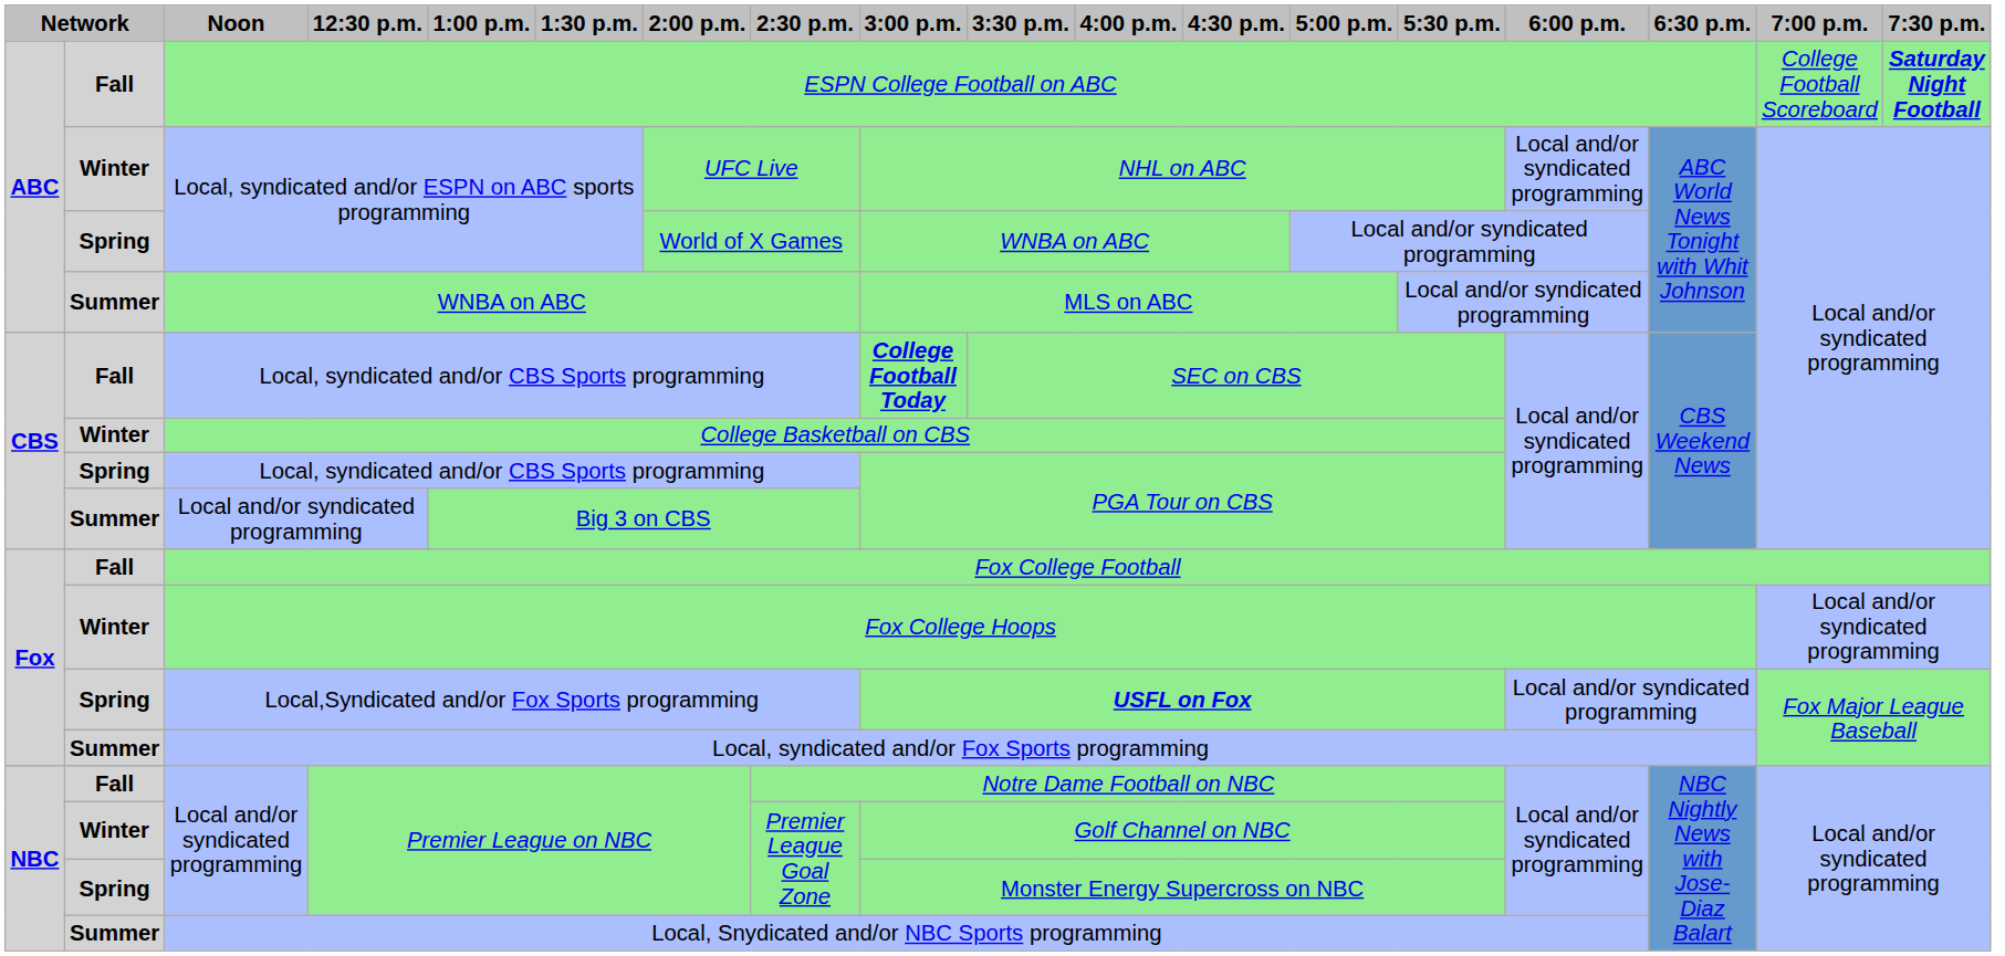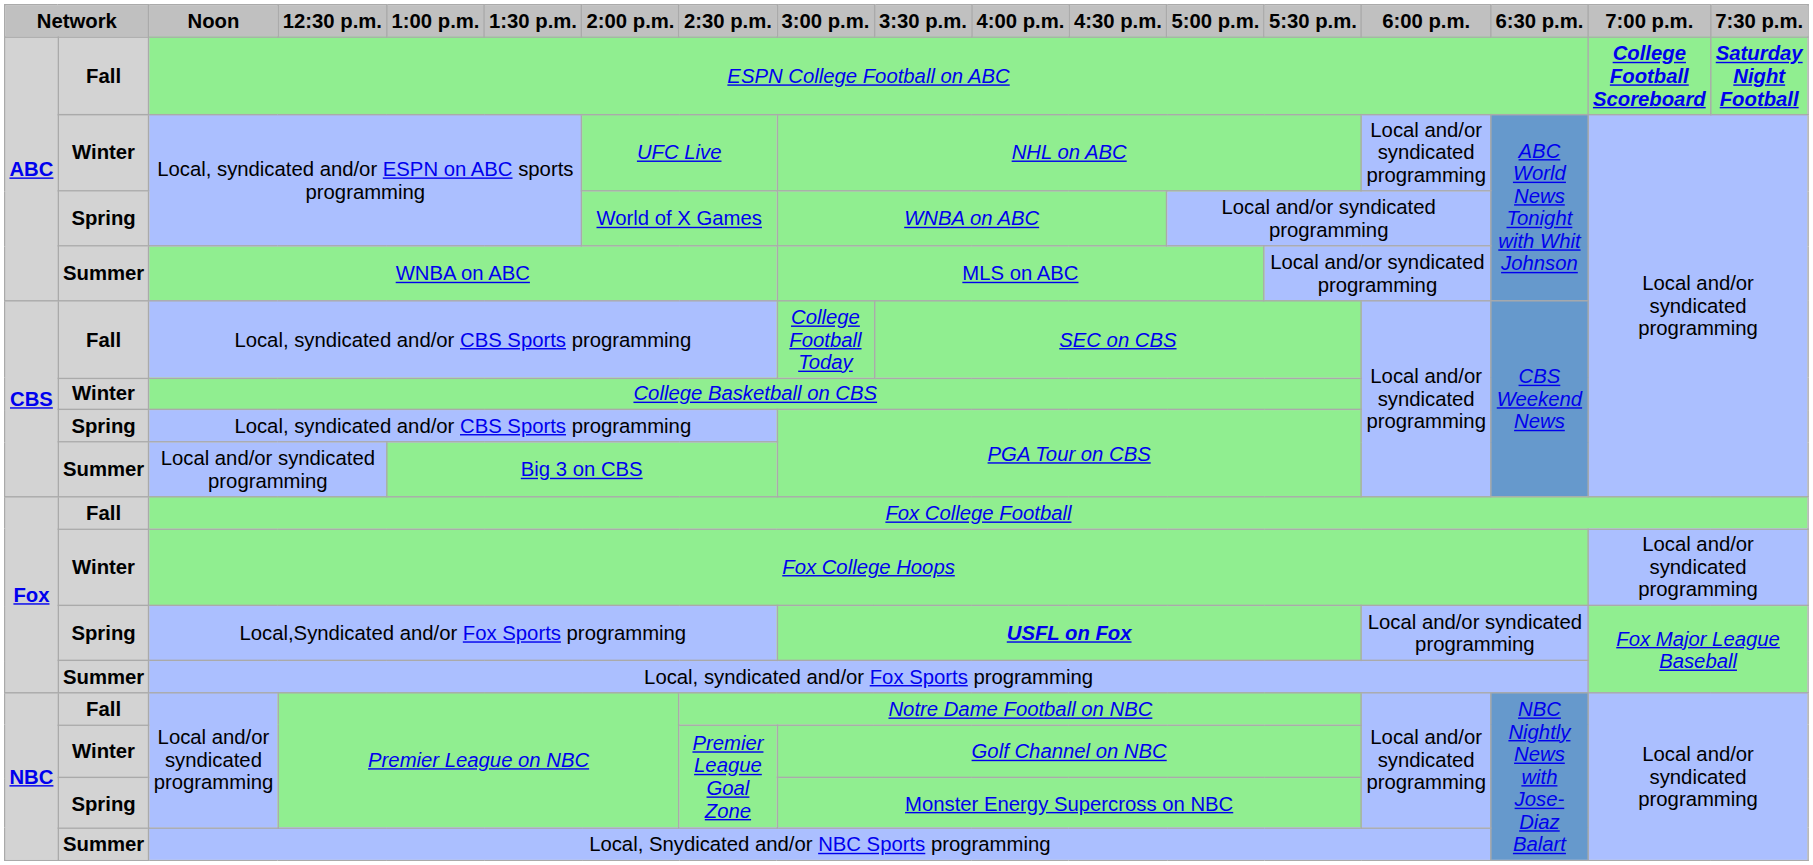 <table class="wikitable" style="width:100%;margin-right:0;font-size:90%;text-align:center">
 <tr>
 <th colspan="2" style="background:#C0C0C0; text-align:center;">Network</th>
 <th style="background:#C0C0C0; text-align:center;">Noon</th>
 <th style="background:#C0C0C0; text-align:center;">12:30 p.m.</th>
 <th style="background:#C0C0C0; text-align:center;">1:00 p.m.</th>
 <th style="background:#C0C0C0; text-align:center;">1:30 p.m.</th>
 <th style="background:#C0C0C0; text-align:center;">2:00 p.m.</th>
 <th style="background:#C0C0C0; text-align:center;">2:30 p.m.</th>
 <th style="background:#C0C0C0; text-align:center;">3:00 p.m.</th>
 <th style="background:#C0C0C0; text-align:center;">3:30 p.m.</th>
 <th style="background:#C0C0C0; text-align:center;">4:00 p.m.</th>
 <th style="background:#C0C0C0; text-align:center;">4:30 p.m.</th>
 <th style="background:#C0C0C0; text-align:center;">5:00 p.m.</th>
 <th style="background:#C0C0C0; text-align:center;">5:30 p.m.</th>
 <th style="background:#C0C0C0; text-align:center;">6:00 p.m.</th>
 <th style="background:#C0C0C0; text-align:center;">6:30 p.m.</th>
 <th style="background:#C0C0C0; text-align:center;">7:00 p.m.</th>
 <th style="background:#C0C0C0; text-align:center;">7:30 p.m.</th>
 </tr>
 <tr>
 <th rowspan="4" style="background:#D3D3D3;"><a href='#'>ABC</a></th>
 <th style="background:#D3D3D3;">Fall</th>
 <td colspan="14" style="background:lightgreen;"><em><a href='#'>ESPN College Football on ABC</a></em></td>
-<td style="background:lightgreen;"><em><a href='#'>College Football Scoreboard</a></em></td>
+<td style="background:lightgreen;"><strong><em><a href='#'>College Football Scoreboard</a></em></strong></td>
 <td style="background:lightgreen;"><strong><em><a href='#'>Saturday Night Football</a></em><br></strong></td>
 </tr>
 <tr>
 <th style="background:#D3D3D3;">Winter</th>
 <td colspan="4" rowspan="2" style="background:#abbfff;">Local, syndicated and/or  <a href='#'>ESPN on ABC</a> sports programming</td>
 <td colspan="2" style="background:lightgreen;"><em><a href='#'>UFC Live</a></em></td>
 <td colspan="6" style="background:lightgreen;"><em><a href='#'>NHL on ABC</a></em></td>
 <td style="background:#abbfff;">Local and/or syndicated programming</td>
 <td rowspan="3" style="background:#6699CC;"><em><a href='#'>ABC World News Tonight with Whit Johnson</a></em></td>
 <td colspan="2" rowspan="7" style="background:#abbfff;">Local and/or syndicated programming</td>
 </tr>
 <tr>
 <th style="background:#D3D3D3;">Spring</th>
 <td colspan="2" style="background:lightgreen;"><a href='#'>World of X Games</a></td>
 <td colspan="4" style="background:lightgreen;"><em><a href='#'>WNBA on ABC</a></em></td>
 <td colspan="3" style="background:#abbfff;">Local and/or syndicated programming</td>
 </tr>
 <tr>
 <th style="background:#D3D3D3;">Summer</th>
 <td colspan="6" style="background:lightgreen;"><a href='#'>WNBA on ABC</a></td>
 <td colspan="5" style="background:lightgreen;"><a href='#'>MLS on ABC</a></td>
 <td colspan="2" style="background:#abbfff;">Local and/or syndicated programming</td>
 </tr>
 <tr>
 <th rowspan="4" style="background:#D3D3D3;"><a href='#'>CBS</a></th>
 <th style="background:#D3D3D3;">Fall</th>
 <td colspan="6" style="background:#abbfff;">Local, syndicated  and/or <a href='#'>CBS Sports</a> programming</td>
-<td style="background:lightgreen;"><strong><em><a href='#'>College Football Today</a></em></strong></td>
+<td style="background:lightgreen;"><em><a href='#'>College Football Today</a></em></td>
 <td colspan="5" style="background:lightgreen;"><em><a href='#'>SEC on CBS</a></em></td>
 <td rowspan="4" style="background:#abbfff;">Local and/or syndicated programming</td>
 <td rowspan="4" style="background: #6699CC;"><em><a href='#'>CBS Weekend News</a></em></td>
 </tr>
 <tr>
 <th style="background:#D3D3D3;">Winter</th>
 <td colspan="12" style="background:lightgreen;"><em><a href='#'>College Basketball on CBS</a></em></td>
 </tr>
 <tr>
 <th style="background:#D3D3D3;">Spring</th>
 <td colspan="6" style="background:#abbfff;">Local, syndicated and/or <a href='#'>CBS Sports</a> programming</td>
 <td colspan="6" rowspan="2" style="background:lightgreen;"><em><a href='#'>PGA Tour on CBS</a></em></td>
 </tr>
 <tr>
 <th style="background:#D3D3D3;">Summer</th>
 <td colspan="2" style="background:#abbfff;">Local and/or syndicated programming</td>
 <td colspan="4" style="background:lightgreen;"><a href='#'>Big 3 on CBS</a></td>
 </tr>
 <tr>
 <th rowspan="4" style="background:#D3D3D3;"><a href='#'>Fox</a></th>
 <th style="background:#D3D3D3;">Fall</th>
 <td colspan="16" style="background:lightgreen;"><em><a href='#'>Fox College Football</a></em> </td>
 </tr>
 <tr>
 <th style="background:#D3D3D3;">Winter</th>
 <td colspan="14" style="background:lightgreen;"><em><a href='#'>Fox College Hoops</a></em></td>
 <td colspan="2" style="background:#abbfff;">Local and/or syndicated programming</td>
 </tr>
 <tr>
 <th style="background:#D3D3D3;">Spring</th>
 <td colspan="6" style="background:#abbfff;">Local,Syndicated and/or <a href='#'>Fox Sports</a> programming</td>
 <td colspan="6" style="background:lightgreen;"><strong><em><a href='#'>USFL on Fox</a></em></strong></td>
 <td colspan="2" style="background:#abbfff;">Local and/or syndicated programming</td>
 <td rowspan="2" colspan="2" style="background:lightgreen;"><em><a href='#'>Fox Major League Baseball</a></em> </td>
 </tr>
 <tr>
 <th style="background:#D3D3D3;">Summer</th>
 <td colspan="14" style="background:#abbfff;">Local, syndicated and/or <a href='#'>Fox Sports</a> programming</td>
 </tr>
 <tr>
 <th rowspan="4" style="background:#D3D3D3;"><a href='#'>NBC</a></th>
 <th style="background:#D3D3D3;">Fall</th>
 <td rowspan="3" style="background:#abbfff;">Local and/or syndicated programming</td>
 <td colspan="4" rowspan="3" style="background:lightgreen;"><em><a href='#'>Premier League on NBC</a></em></td>
 <td colspan="7" style="background:lightgreen;"><em><a href='#'>Notre Dame Football on NBC</a></em></td>
 <td rowspan="3" style="background:#abbfff;">Local and/or syndicated programming</td>
 <td rowspan="4" style="background: #6699CC;"><em><a href='#'>NBC Nightly News with Jose-Diaz Balart</a></em></td>
 <td colspan="2" rowspan="4" style="background:#abbfff;">Local and/or syndicated programming</td>
 </tr>
 <tr>
 <th style="background:#D3D3D3;">Winter</th>
 <td rowspan="2" style="background:lightgreen;"><em><a href='#'>Premier League Goal Zone</a></em></td>
 <td colspan="6" style="background:lightgreen;"><em><a href='#'>Golf Channel on NBC</a></em></td>
 </tr>
 <tr>
 <th style="background:#D3D3D3;">Spring</th>
 <td colspan="6" style="background:lightgreen;"><a href='#'>Monster Energy Supercross on NBC</a></td>
 </tr>
 <tr>
 <th style="background:#D3D3D3;">Summer</th>
 <td colspan="13" style="background:#abbfff;">Local, Snydicated and/or <a href='#'>NBC Sports</a> programming</td>
 </tr>
 </table>
